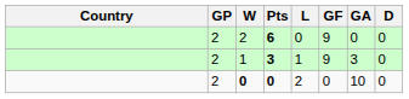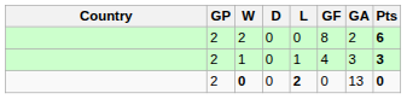 <table class="wikitable">
 <tr>
 <th width="51%"><strong>Country</strong></th>
 <th width="7%"><strong>GP</strong></th>
 <th width="7%"><strong>W</strong></th>
-<th width="7%"><strong>Pts</strong></th>
+<th width="7%"><strong>D</strong></th>
 <th width="7%"><strong>L</strong></th>
 <th width="7%"><strong>GF</strong></th>
 <th width="7%"><strong>GA</strong></th>
-<th width="7%"><strong>D</strong></th>
+<th width="7%"><strong>Pts</strong></th>
 </tr>
 <tr style="background:#ccffcc;">
 <td></td>
 <td>2</td>
 <td>2</td>
-<td><strong>6</strong></td>
-<td>0</td>
-<td>9</td>
 <td>0</td>
 <td>0</td>
+<td>8</td>
+<td>2</td>
+<td><strong>6</strong></td>
 </tr>
 <tr style="background:#ccffcc;">
 <td></td>
 <td>2</td>
 <td>1</td>
+<td>0</td>
+<td>1</td>
+<td>4</td>
+<td>3</td>
 <td><strong>3</strong></td>
-<td>1</td>
-<td>9</td>
-<td>3</td>
-<td>0</td>
 </tr>
 <tr>
 <td></td>
 <td>2</td>
 <td><strong>0</strong></td>
+<td>0</td>
+<td><strong>2</strong></td>
+<td>0</td>
+<td>13</td>
 <td><strong>0</strong></td>
-<td>2</td>
-<td>0</td>
-<td>10</td>
-<td>0</td>
 </tr>
 </table>
